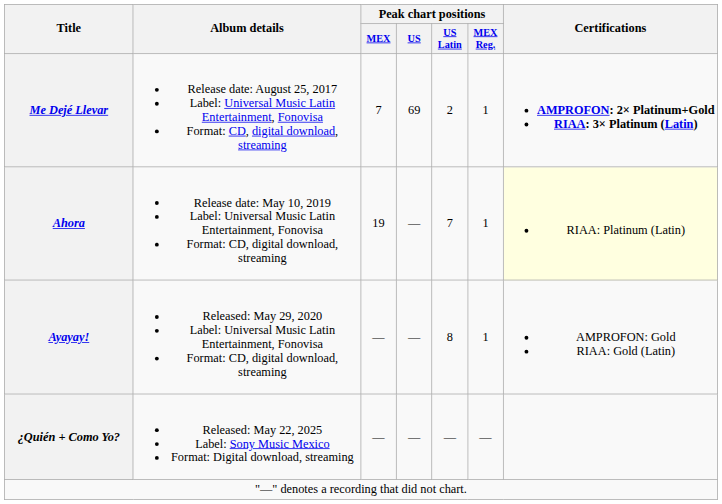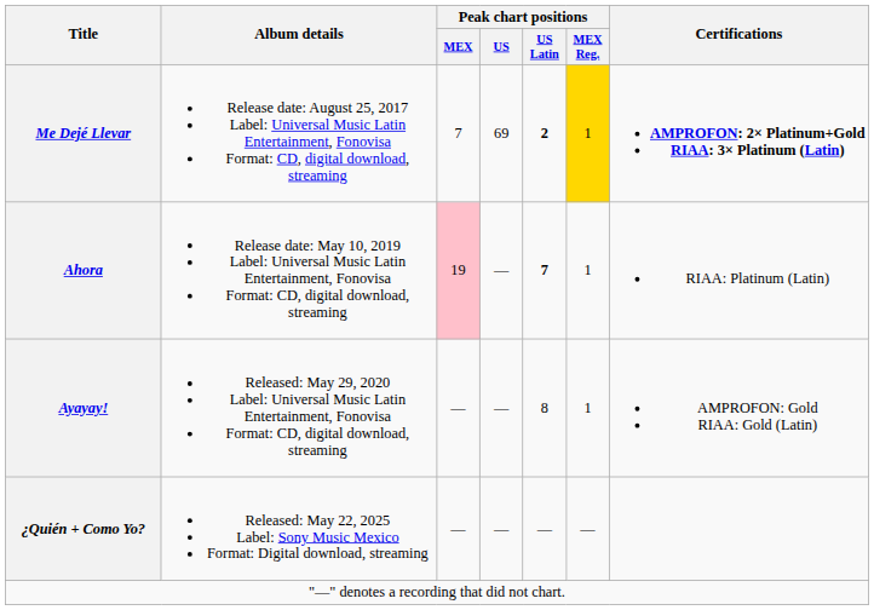 <table class="wikitable plainrowheaders" style="text-align:center">
 <tr>
 <th scope="col" rowspan="2" style="width:10em;">Title</th>
 <th scope="col" rowspan="2" style="width:18em;">Album details</th>
 <th scope="col" colspan="4">Peak chart positions</th>
 <th rowspan="2">Certifications</th>
 </tr>
 <tr style="font-size:smaller;">
 <th scope="col" style="width:3em;"><a href='#'>MEX</a><br></th>
 <th scope="col" style="width:3em;"><a href='#'>US</a><br></th>
 <th scope="col" style="width:3em;"><a href='#'>US<br>Latin</a><br></th>
 <th scope="col" style="width:3em;"><a href='#'>MEX<br>Reg.</a><br></th>
 </tr>
 <tr>
 <th scope="row"><em><a href='#'>Me Dejé Llevar</a></em></th>
 <td><br><ul><li>Release date: August 25, 2017</li><li>Label: <a href='#'>Universal Music Latin Entertainment</a>, <a href='#'>Fonovisa</a></li><li>Format: <a href='#'>CD</a>, <a href='#'>digital download</a>, <a href='#'>streaming</a></li></ul></td>
 <td>7</td>
 <td>69</td>
-<td>2</td>
-<td>1</td>
+<td><strong>2</strong></td>
+<td style="background: gold;">1</td>
 <td><strong><br><ul><li><a href='#'>AMPROFON</a>: 2× Platinum+Gold</li><li><a href='#'>RIAA</a>: 3× Platinum (<a href='#'>Latin</a>)</li></ul></strong></td>
 </tr>
 <tr>
 <th scope="row"><em><a href='#'>Ahora</a></em></th>
 <td><br><ul><li>Release date: May 10, 2019</li><li>Label: Universal Music Latin Entertainment, Fonovisa</li><li>Format: CD, digital download, streaming</li></ul></td>
-<td>19</td>
+<td style="background: pink;">19</td>
 <td>—</td>
-<td>7</td>
+<td><strong>7</strong></td>
 <td>1</td>
-<td style="background: lightyellow;"><br><ul><li>RIAA: Platinum (Latin)</li></ul></td>
+<td><br><ul><li>RIAA: Platinum (Latin)</li></ul></td>
 </tr>
 <tr>
 <th scope="row"><em><a href='#'>Ayayay!</a></em></th>
 <td><br><ul><li>Released: May 29, 2020</li><li>Label: Universal Music Latin Entertainment, Fonovisa</li><li>Format: CD, digital download, streaming</li></ul></td>
 <td>—</td>
 <td>—</td>
 <td>8</td>
 <td>1</td>
 <td><br><ul><li>AMPROFON: Gold</li><li>RIAA: Gold (Latin)</li></ul></td>
 </tr>
 <tr>
 <th scope="row"><em>¿Quién + Como Yo?</em></th>
 <td><br><ul><li>Released: May 22, 2025</li><li>Label: <a href='#'>Sony Music Mexico</a></li><li>Format: Digital download, streaming</li></ul></td>
 <td>—</td>
 <td>—</td>
 <td>—</td>
 <td>—</td>
 <td></td>
 </tr>
 <tr>
 <td colspan="10">"—" denotes a recording that did not chart.</td>
 </tr>
 </table>
